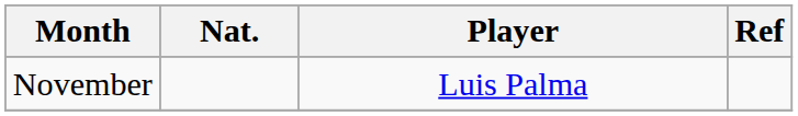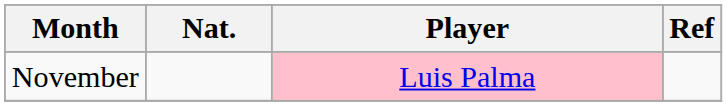 <table class="wikitable sortable" style="text-align: center;">
 <tr>
 <th>Month</th>
 <th width=60>Nat.</th>
 <th width=200>Player</th>
 <th>Ref</th>
 </tr>
 <tr>
 <td>November</td>
 <td></td>
-<td><a href='#'>Luis Palma</a></td>
+<td style="background: pink;"><a href='#'>Luis Palma</a></td>
 <td></td>
 </tr>
 <tr>
 </tr>
 </table>
